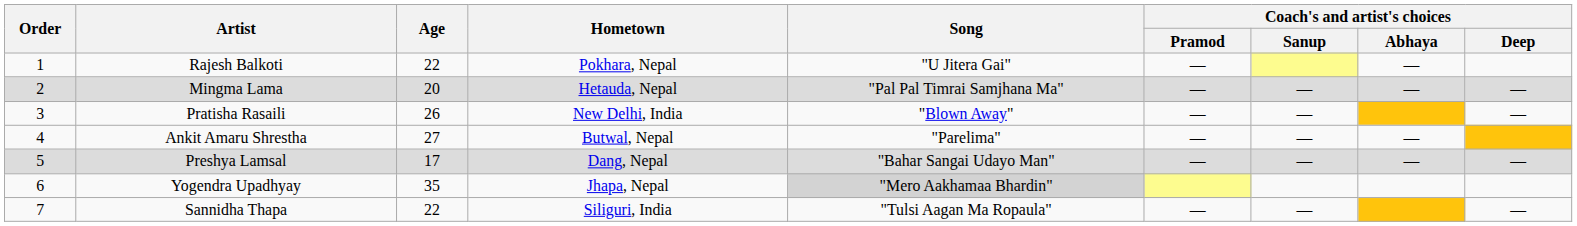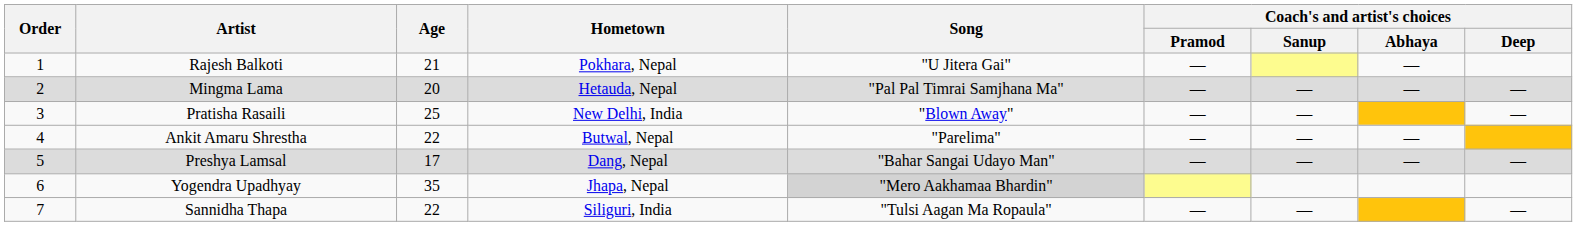 <table class="wikitable plainrowheaders" style="text-align:center; line-height:17px; width:100%;">
 <tr>
 <th scope="col" rowspan="2" style="width:04%;">Order</th>
 <th scope="col" rowspan="2" style="width:18%;">Artist</th>
 <th scope="col" rowspan="2" style="width:04%;">Age</th>
 <th scope="col" rowspan="2" style="width:18%;">Hometown</th>
 <th scope="col" rowspan="2" style="width:20%;">Song</th>
 <th colspan="4">Coach's and artist's choices</th>
 </tr>
 <tr>
 <th scope="col" style="width:06%;">Pramod</th>
 <th scope="col" style="width:06%;">Sanup</th>
 <th scope="col" style="width:06%;">Abhaya</th>
 <th scope="col" style="width:06%;">Deep</th>
 </tr>
 <tr>
 <td scope="row">1</td>
 <td>Rajesh Balkoti</td>
-<td>22</td>
+<td>21</td>
 <td><a href='#'>Pokhara</a>, Nepal</td>
 <td>"U Jitera Gai"</td>
 <td>—</td>
 <td style="background:#fdfc8f; "><strong></strong></td>
 <td>—</td>
 <td><strong></strong></td>
 </tr>
 <tr style="background:#DCDCDC;">
 <td scope="row">2</td>
 <td>Mingma Lama</td>
 <td>20</td>
 <td><a href='#'>Hetauda</a>, Nepal</td>
 <td>"Pal Pal Timrai Samjhana Ma"</td>
 <td>—</td>
 <td>—</td>
 <td>—</td>
 <td>—</td>
 </tr>
 <tr>
 <td scope="row">3</td>
 <td>Pratisha Rasaili</td>
-<td>26</td>
+<td>25</td>
 <td><a href='#'>New Delhi</a>, India</td>
 <td>"<a href='#'>Blown Away</a>"</td>
 <td>—</td>
 <td>—</td>
 <td style="background:#ffc40c; "><strong></strong></td>
 <td>—</td>
 </tr>
 <tr>
 <td scope="row">4</td>
 <td>Ankit Amaru Shrestha</td>
-<td>27</td>
+<td>22</td>
 <td><a href='#'>Butwal</a>, Nepal</td>
 <td>"Parelima"</td>
 <td>—</td>
 <td>—</td>
 <td>—</td>
 <td style="background:#ffc40c;"><strong></strong></td>
 </tr>
 <tr style="background:#DCDCDC;">
 <td scope="row">5</td>
 <td>Preshya Lamsal</td>
 <td>17</td>
 <td><a href='#'>Dang</a>, Nepal</td>
 <td>"Bahar Sangai Udayo Man"</td>
 <td>—</td>
 <td>—</td>
 <td>—</td>
 <td>—</td>
 </tr>
 <tr>
 <td scope="row">6</td>
 <td>Yogendra Upadhyay</td>
 <td>35</td>
 <td><a href='#'>Jhapa</a>, Nepal</td>
 <td style="background: lightgrey;">"Mero Aakhamaa Bhardin"</td>
 <td style="background:#fdfc8f;"><strong></strong></td>
 <td><strong></strong></td>
 <td><strong></strong></td>
 <td><strong></strong></td>
 </tr>
 <tr>
 <td scope="row">7</td>
 <td>Sannidha Thapa</td>
 <td>22</td>
 <td><a href='#'>Siliguri</a>, India</td>
 <td>"Tulsi Aagan Ma Ropaula"</td>
 <td>—</td>
 <td>—</td>
 <td style="background:#ffc40c; "><strong></strong></td>
 <td>—</td>
 </tr>
 </table>
